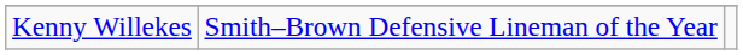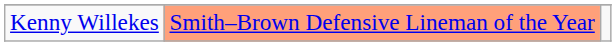 <table class="wikitable sortable sortable" style="text-align: center">
 <tr align=center>
 </tr>
 <tr>
 <td><a href='#'>Kenny Willekes</a></td>
-<td><a href='#'>Smith&ndash;Brown Defensive Lineman of the Year</a></td>
+<td style="background: lightsalmon;"><a href='#'>Smith&ndash;Brown Defensive Lineman of the Year</a></td>
 <td></td>
 </tr>
 </table>
